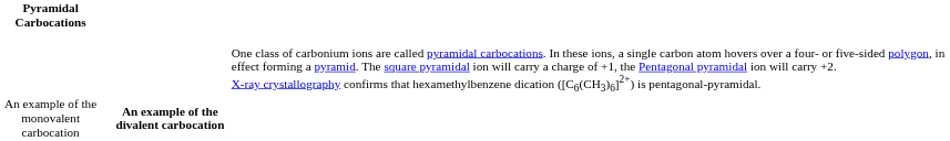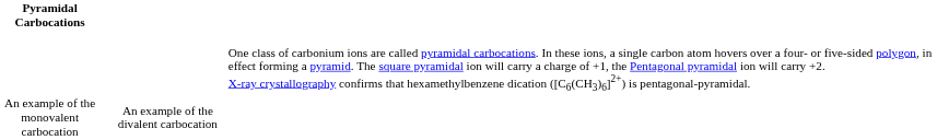 <table align = "left">
 <tr>
 <th align = "center">Pyramidal Carbocations</th>
 </tr>
 <tr>
 <td width = "150px"></td>
 <td width = "150px"></td>
 <td valign="top"><br>One class of carbonium ions are called <a href='#'>pyramidal carbocations</a>. In these ions, a single carbon atom hovers over a four- or five-sided <a href='#'>polygon</a>, in effect forming a <a href='#'>pyramid</a>. The <a href='#'>square pyramidal</a> ion will carry a charge of +1, the <a href='#'>Pentagonal pyramidal</a> ion will carry +2.<br><a href='#'>X-ray crystallography</a> confirms that hexamethylbenzene dication ([C<sub>6</sub>(CH<sub>3</sub>)<sub>6</sub>]<sup>2+</sup>) is pentagonal-pyramidal.</td>
 </tr>
 <tr align="center">
 <td width = "150px">An example of the monovalent carbocation</td>
-<td width = "150px"><strong>An example of the divalent carbocation</strong></td>
+<td width = "150px">An example of the divalent carbocation</td>
 </tr>
 </table>
